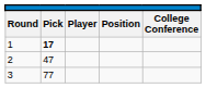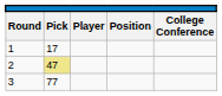 <table class="wikitable sortable" style="text-align:center; font-size:90%; text-align:left;">
 <tr style="border-spacing: 2px; border: 2px solid black;">
 <td colspan="7" bgcolor="#0082CA" color="#0065A4" border="#FFFFFF" align="center"><strong></strong></td>
 </tr>
 <tr>
 <th><strong>Round</strong></th>
 <th><strong>Pick</strong></th>
 <th><strong>Player</strong></th>
 <th><strong>Position</strong></th>
 <th><strong>College<br>Conference</strong></th>
 </tr>
 <tr>
 <td>1</td>
-<td><strong>17</strong></td>
+<td>17</td>
 <td></td>
 <td></td>
 <td><br></td>
 </tr>
 <tr>
 <td>2</td>
-<td>47</td>
+<td style="background: khaki;">47</td>
 <td></td>
 <td></td>
 <td><br></td>
 </tr>
 <tr>
 <td>3</td>
 <td>77</td>
 <td></td>
 <td></td>
 <td><br></td>
 </tr>
 </table>
